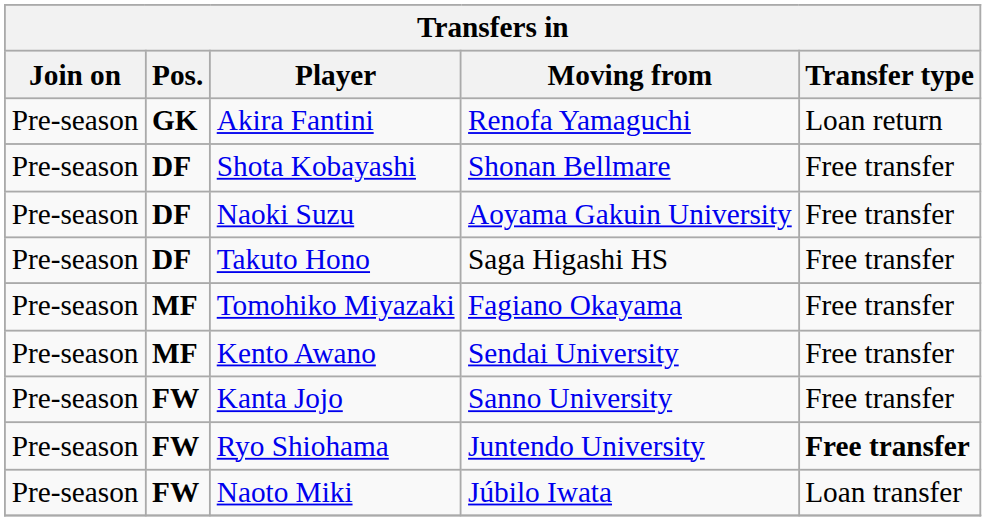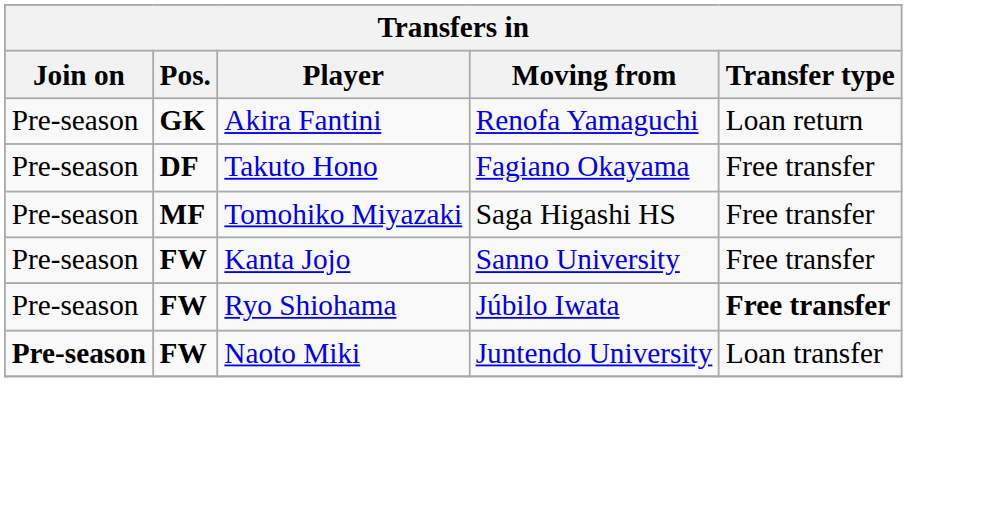 <table class="wikitable sortable" style=“text-align:left;>
 <tr>
 <th colspan="5">Transfers in</th>
 </tr>
 <tr>
 <th>Join on</th>
 <th>Pos.</th>
 <th>Player</th>
 <th>Moving from</th>
 <th>Transfer type</th>
 </tr>
 <tr>
 <td>Pre-season</td>
 <td><strong>GK</strong></td>
 <td> <a href='#'>Akira Fantini</a></td>
 <td> <a href='#'>Renofa Yamaguchi</a></td>
 <td>Loan return</td>
 </tr>
 <tr>
 <td>Pre-season</td>
 <td><strong>DF</strong></td>
-<td> <a href='#'>Shota Kobayashi</a></td>
-<td> <a href='#'>Shonan Bellmare</a></td>
-<td>Free transfer</td>
-</tr>
-<tr>
-<td>Pre-season</td>
-<td><strong>DF</strong></td>
-<td> <a href='#'>Naoki Suzu</a></td>
-<td> <a href='#'>Aoyama Gakuin University</a></td>
-<td>Free transfer</td>
-</tr>
-<tr>
-<td>Pre-season</td>
-<td><strong>DF</strong></td>
 <td> <a href='#'>Takuto Hono</a></td>
-<td> Saga Higashi HS</td>
+<td> <a href='#'>Fagiano Okayama</a></td>
 <td>Free transfer</td>
 </tr>
 <tr>
 <td>Pre-season</td>
 <td><strong>MF</strong></td>
 <td> <a href='#'>Tomohiko Miyazaki</a></td>
-<td> <a href='#'>Fagiano Okayama</a></td>
-<td>Free transfer</td>
-</tr>
-<tr>
-<td>Pre-season</td>
-<td><strong>MF</strong></td>
-<td> <a href='#'>Kento Awano</a></td>
-<td> <a href='#'>Sendai University</a></td>
+<td> Saga Higashi HS</td>
 <td>Free transfer</td>
 </tr>
 <tr>
 <td>Pre-season</td>
 <td><strong>FW</strong></td>
 <td> <a href='#'>Kanta Jojo</a></td>
 <td> <a href='#'>Sanno University</a></td>
 <td>Free transfer</td>
 </tr>
 <tr>
 <td>Pre-season</td>
 <td><strong>FW</strong></td>
 <td> <a href='#'>Ryo Shiohama</a></td>
-<td> <a href='#'>Juntendo University</a></td>
+<td> <a href='#'>Júbilo Iwata</a></td>
 <td><strong>Free transfer</strong></td>
 </tr>
 <tr>
-<td>Pre-season</td>
+<td><strong>Pre-season</strong></td>
 <td><strong>FW</strong></td>
 <td> <a href='#'>Naoto Miki</a></td>
-<td> <a href='#'>Júbilo Iwata</a></td>
+<td> <a href='#'>Juntendo University</a></td>
 <td>Loan transfer</td>
 </tr>
 <tr>
 </tr>
 </table>
